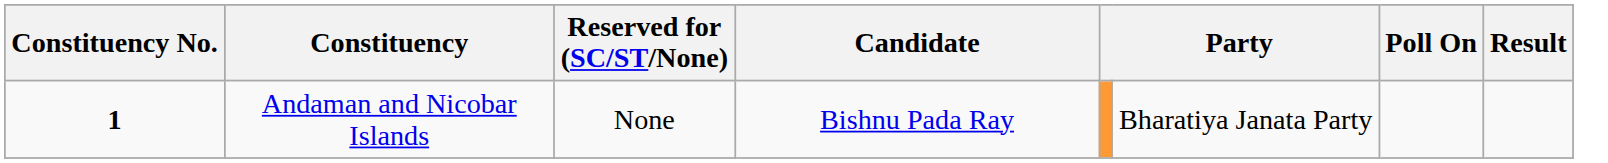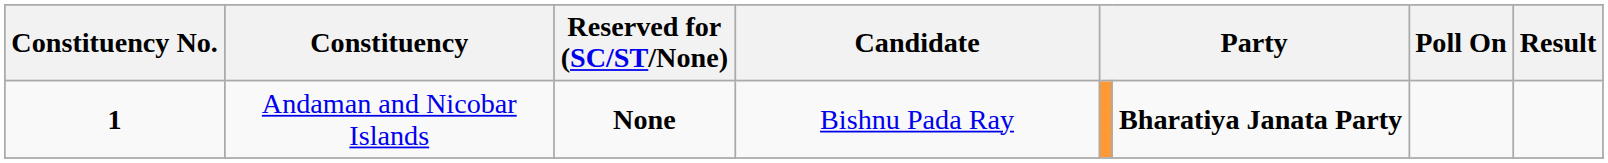 <table class="wikitable sortable" style="text-align:center">
 <tr>
 <th>Constituency No.</th>
 <th style="width:180px;">Constituency</th>
 <th>Reserved for<br>(<a href='#'>SC/ST</a>/None)</th>
 <th style="width:200px;">Candidate</th>
 <th colspan="2">Party</th>
 <th>Poll On</th>
 <th>Result</th>
 </tr>
 <tr>
 <td style="text-align:center;"><strong>1</strong></td>
 <td><a href='#'>Andaman and Nicobar Islands</a></td>
-<td>None</td>
+<td><strong>None</strong></td>
 <td><a href='#'>Bishnu Pada Ray</a></td>
 <td bgcolor=#FF9933></td>
-<td>Bharatiya Janata Party</td>
+<td><strong>Bharatiya Janata Party</strong></td>
 <td></td>
 <td></td>
 </tr>
 </table>
